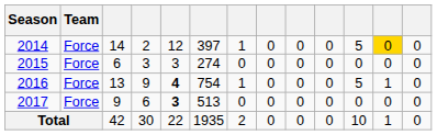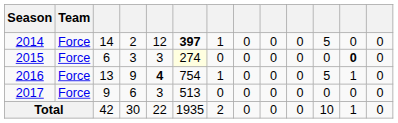 <table class="wikitable" style="text-align:center; line-height:90%; font-size:95%;">
 <tr style="line-height:175%;">
 <th>Season</th>
 <th>Team</th>
 <th style="width:25px;"></th>
 <th style="width:25px;"></th>
 <th style="width:25px;"></th>
 <th style="width:25px;"></th>
 <th style="width:25px;"></th>
 <th style="width:25px;"></th>
 <th style="width:25px;"></th>
 <th style="width:25px;"></th>
 <th style="width:25px;"></th>
 <th style="width:25px;"></th>
 <th style="width:25px;"></th>
 </tr>
 <tr>
 <td><a href='#'>2014</a></td>
 <td><a href='#'>Force</a></td>
 <td>14</td>
 <td>2</td>
 <td>12</td>
-<td>397</td>
+<td><strong>397</strong></td>
 <td>1</td>
 <td>0</td>
 <td>0</td>
 <td>0</td>
 <td>5</td>
-<td style="background: gold;">0</td>
+<td>0</td>
 <td>0</td>
 </tr>
 <tr>
 <td><a href='#'>2015</a></td>
 <td><a href='#'>Force</a></td>
 <td>6</td>
 <td>3</td>
 <td>3</td>
-<td>274</td>
+<td style="background: lightyellow;">274</td>
 <td>0</td>
 <td>0</td>
 <td>0</td>
 <td>0</td>
 <td>0</td>
-<td>0</td>
+<td><strong>0</strong></td>
 <td>0</td>
 </tr>
 <tr>
 <td><a href='#'>2016</a></td>
 <td><a href='#'>Force</a></td>
 <td>13</td>
 <td>9</td>
 <td><strong>4</strong></td>
 <td>754</td>
 <td>1</td>
 <td>0</td>
 <td>0</td>
 <td>0</td>
 <td>5</td>
 <td>1</td>
 <td>0</td>
 </tr>
 <tr>
 <td><a href='#'>2017</a></td>
 <td><a href='#'>Force</a></td>
 <td>9</td>
 <td>6</td>
-<td><strong>3</strong></td>
+<td>3</td>
 <td>513</td>
 <td>0</td>
 <td>0</td>
 <td>0</td>
 <td>0</td>
 <td>0</td>
 <td>0</td>
 <td>0</td>
 </tr>
 <tr>
 <th colspan="2">Total</th>
 <td>42</td>
 <td>30</td>
 <td>22</td>
 <td>1935</td>
 <td>2</td>
 <td>0</td>
 <td>0</td>
 <td>0</td>
 <td>10</td>
 <td>1</td>
 <td>0</td>
 </tr>
 </table>
